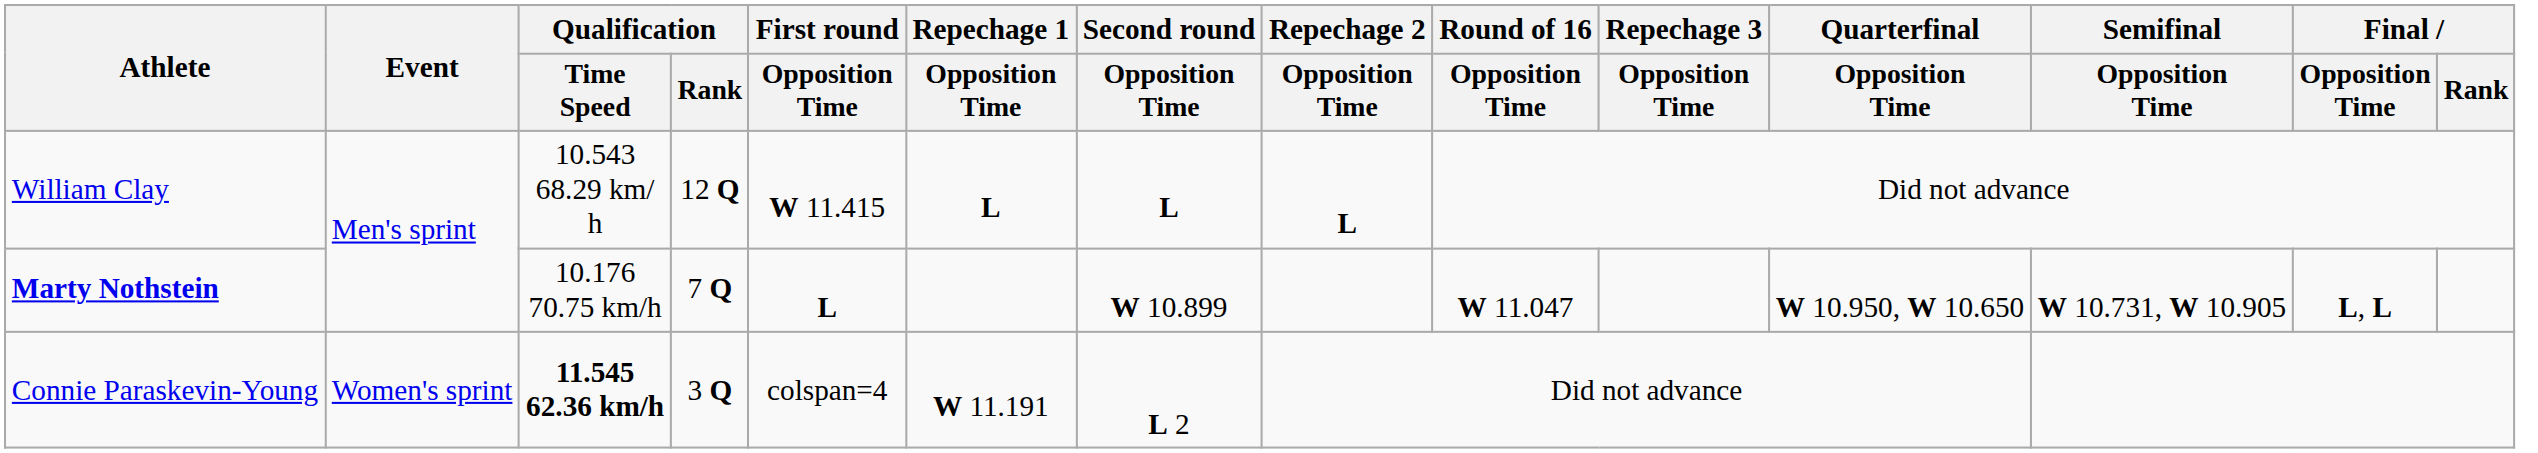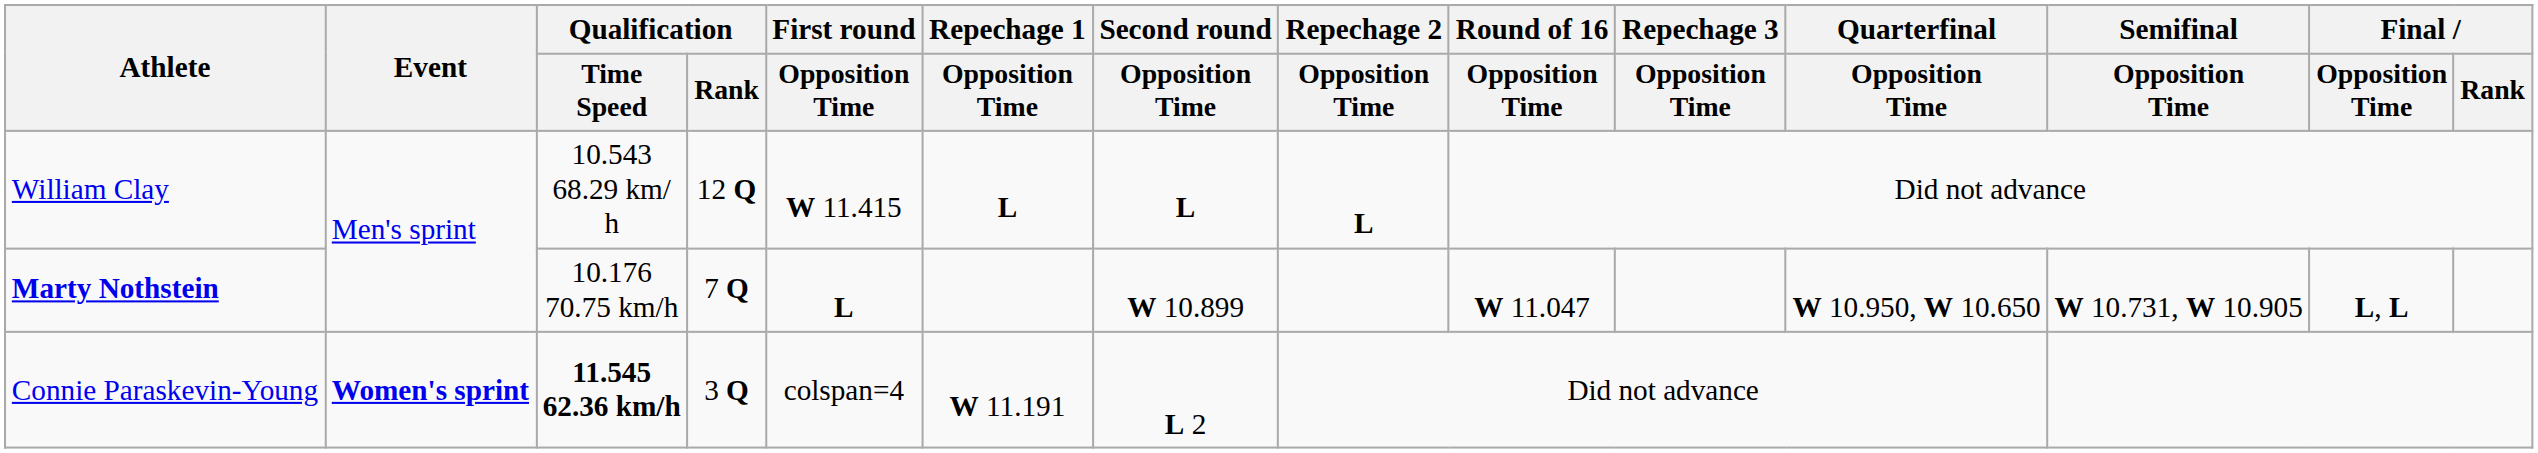 <table class=wikitable style=font-size:90%;text-align:center>
 <tr>
 <th rowspan=2>Athlete</th>
 <th rowspan=2>Event</th>
 <th colspan=2>Qualification</th>
 <th>First round</th>
 <th>Repechage 1</th>
 <th>Second round</th>
 <th>Repechage 2</th>
 <th>Round of 16</th>
 <th>Repechage 3</th>
 <th>Quarterfinal</th>
 <th>Semifinal</th>
 <th colspan=2>Final / </th>
 </tr>
 <tr style=font-size:95%>
 <th>Time<br>Speed</th>
 <th>Rank</th>
 <th>Opposition<br>Time</th>
 <th>Opposition<br>Time</th>
 <th>Opposition<br>Time</th>
 <th>Opposition<br>Time</th>
 <th>Opposition<br>Time</th>
 <th>Opposition<br>Time</th>
 <th>Opposition<br>Time</th>
 <th>Opposition<br>Time</th>
 <th>Opposition<br>Time</th>
 <th>Rank</th>
 </tr>
 <tr>
 <td align=left><a href='#'>William Clay</a></td>
 <td align=left rowspan=2><a href='#'>Men's sprint</a></td>
 <td>10.543<br>68.29 km/<br>h</td>
 <td>12 <strong>Q</strong></td>
 <td><br><strong>W</strong> 11.415</td>
 <td><br><strong>L</strong></td>
 <td><br><strong>L</strong></td>
 <td><br><br><strong>L</strong></td>
 <td colspan=6>Did not advance</td>
 </tr>
 <tr>
 <td align=left><strong><a href='#'>Marty Nothstein</a></strong></td>
 <td>10.176<br>70.75 km/h</td>
 <td>7 <strong>Q</strong></td>
 <td><br><strong>L</strong></td>
 <td></td>
 <td><br><strong>W</strong> 10.899</td>
 <td></td>
 <td><br><strong>W</strong> 11.047</td>
 <td></td>
 <td><br><strong>W</strong> 10.950, <strong>W</strong> 10.650</td>
 <td><br><strong>W</strong> 10.731, <strong>W</strong> 10.905</td>
 <td><br><strong>L</strong>, <strong>L</strong></td>
 <td></td>
 </tr>
 <tr>
 <td align=left><a href='#'>Connie Paraskevin-Young</a></td>
-<td align=left><a href='#'>Women's sprint</a></td>
+<td align=left><strong><a href='#'>Women's sprint</a></strong></td>
 <td><strong>11.545<br>62.36 km/h</strong></td>
 <td>3 <strong>Q</strong></td>
 <td>colspan=4 </td>
 <td><br><strong>W</strong> 11.191</td>
 <td><br><br><strong>L</strong> 2</td>
 <td colspan=4>Did not advance</td>
 </tr>
 </table>
